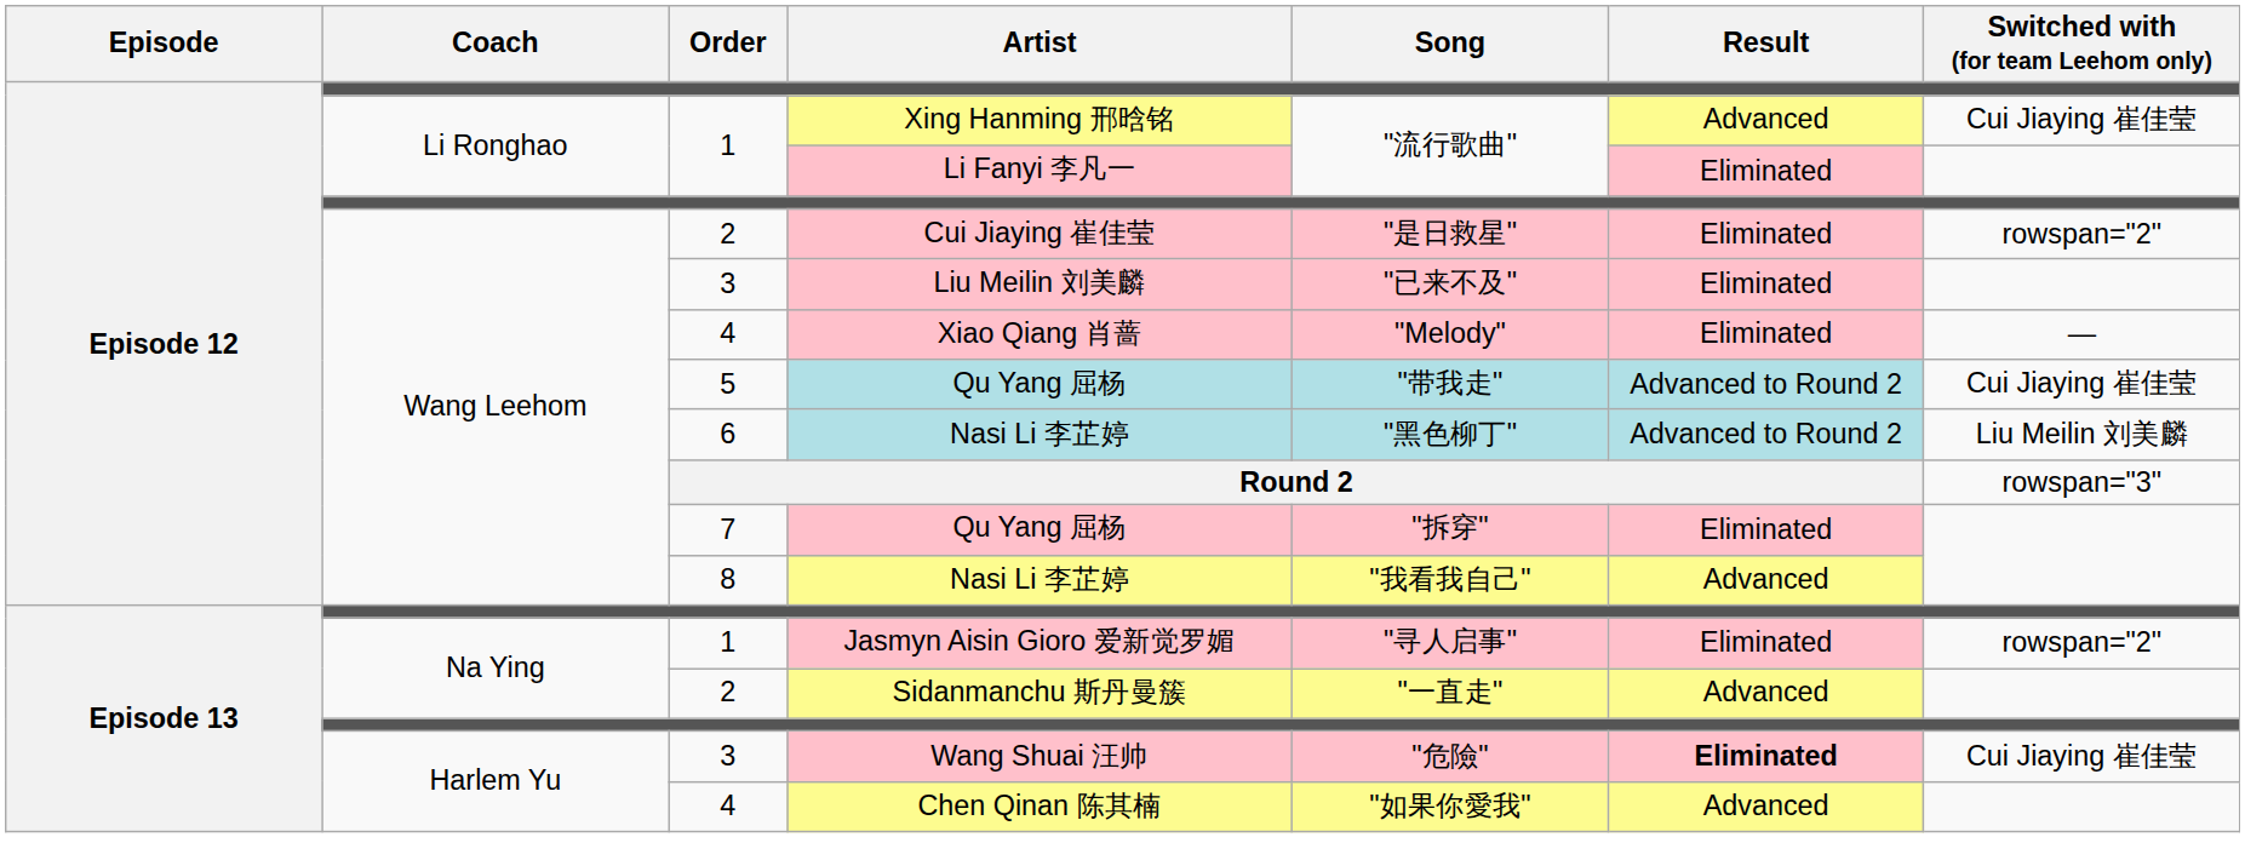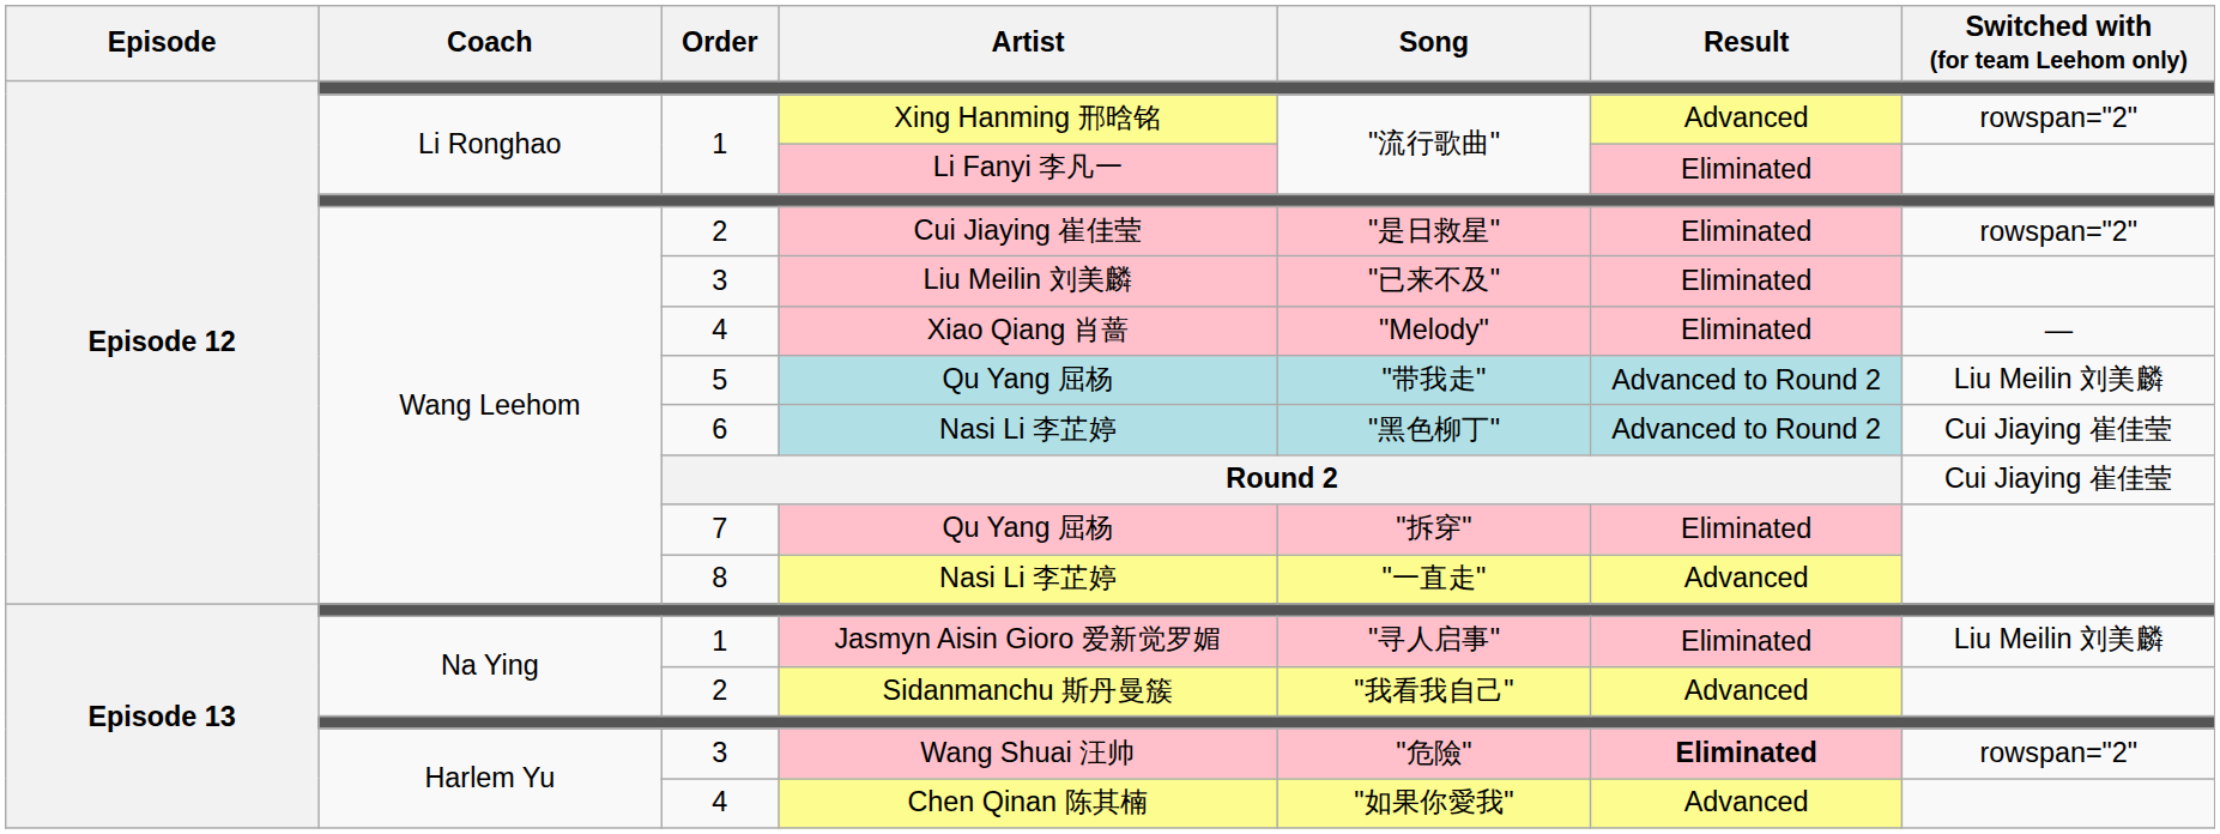 <table class="wikitable" style="text-align:center; width:100%;">
 <tr>
 <th style="width:10%;">Episode</th>
 <th style="width:11%;">Coach</th>
 <th style="width:3%;">Order</th>
 <th style="width:16%;">Artist</th>
 <th style="width:10%;">Song</th>
 <th style="width:10%;">Result</th>
 <th style="width:10%;">Switched with<br><small>(for team Leehom only)</small></th>
 </tr>
 <tr>
 <th rowspan="12" scope="row">Episode 12<br><small></small></th>
 <td colspan="6" style="background:#555;"></td>
 </tr>
 <tr>
 <td rowspan="2">Li Ronghao</td>
 <td rowspan="2">1</td>
 <td style="background:#fdfc8f;">Xing Hanming 邢晗铭</td>
 <td rowspan="2">"流行歌曲"</td>
 <td style="background:#fdfc8f;">Advanced</td>
-<td>Cui Jiaying 崔佳莹</td>
+<td>rowspan="2" </td>
 </tr>
 <tr>
 <td style="background:pink;">Li Fanyi 李凡一</td>
 <td style="background:pink;">Eliminated</td>
 </tr>
 <tr>
 <td colspan="6" style="background:#555;"></td>
 </tr>
 <tr>
 <td rowspan="8">Wang Leehom</td>
 <td>2</td>
 <td style="background:pink;">Cui Jiaying 崔佳莹</td>
 <td style="background:pink;">"是日救星"</td>
 <td style="background:pink;">Eliminated</td>
 <td>rowspan="2" </td>
 </tr>
 <tr>
 <td>3</td>
 <td style="background:pink;">Liu Meilin 刘美麟</td>
 <td style="background:pink;">"已来不及"</td>
 <td style="background:pink;">Eliminated</td>
 </tr>
 <tr>
 <td>4</td>
 <td style="background:pink;">Xiao Qiang 肖蔷</td>
 <td style="background:pink;">"Melody"</td>
 <td style="background:pink;">Eliminated</td>
 <td>—</td>
 </tr>
 <tr>
 <td>5</td>
 <td style="background:#B0E0E6">Qu Yang 屈杨</td>
 <td style="background:#B0E0E6">"带我走"</td>
 <td style="background:#B0E0E6">Advanced to Round 2</td>
-<td>Cui Jiaying 崔佳莹</td>
+<td>Liu Meilin 刘美麟</td>
 </tr>
 <tr>
 <td>6</td>
 <td style="background:#B0E0E6">Nasi Li 李芷婷</td>
 <td style="background:#B0E0E6">"黑色柳丁"</td>
 <td style="background:#B0E0E6">Advanced to Round 2</td>
-<td>Liu Meilin 刘美麟</td>
+<td>Cui Jiaying 崔佳莹</td>
 </tr>
 <tr>
 <th colspan="4">Round 2</th>
-<td>rowspan="3" </td>
+<td>Cui Jiaying 崔佳莹</td>
 </tr>
 <tr>
 <td>7</td>
 <td style="background:pink;">Qu Yang 屈杨</td>
 <td style="background:pink;">"拆穿"</td>
 <td style="background:pink;">Eliminated</td>
 </tr>
 <tr>
 <td>8</td>
 <td style="background:#fdfc8f;">Nasi Li 李芷婷</td>
-<td style="background:#fdfc8f;">"我看我自己"</td>
+<td style="background:#fdfc8f;">"一直走"</td>
 <td style="background:#fdfc8f;">Advanced</td>
 </tr>
 <tr>
 <th rowspan="6">Episode 13<br><small></small></th>
 <td colspan="6" style="background:#555;"></td>
 </tr>
 <tr>
 <td rowspan="2">Na Ying</td>
 <td>1</td>
 <td style="background:pink;">Jasmyn Aisin Gioro 爱新觉罗媚</td>
 <td style="background:pink;">"寻人启事"</td>
 <td style="background:pink;">Eliminated</td>
-<td>rowspan="2" </td>
+<td>Liu Meilin 刘美麟</td>
 </tr>
 <tr>
 <td>2</td>
 <td style="background:#fdfc8f;">Sidanmanchu 斯丹曼簇</td>
-<td style="background:#fdfc8f;">"一直走"</td>
+<td style="background:#fdfc8f;">"我看我自己"</td>
 <td style="background:#fdfc8f;">Advanced</td>
 </tr>
 <tr>
 <td colspan="6" style="background:#555;"></td>
 </tr>
 <tr>
 <td rowspan="2">Harlem Yu</td>
 <td>3</td>
 <td style="background:pink;">Wang Shuai 汪帅</td>
 <td style="background:pink;">"危險"</td>
 <td style="background:pink;"><strong>Eliminated</strong></td>
-<td>Cui Jiaying 崔佳莹</td>
+<td>rowspan="2" </td>
 </tr>
 <tr>
 <td>4</td>
 <td style="background:#fdfc8f;">Chen Qinan 陈其楠</td>
 <td style="background:#fdfc8f;">"如果你愛我"</td>
 <td style="background:#fdfc8f;">Advanced</td>
 </tr>
 </table>
